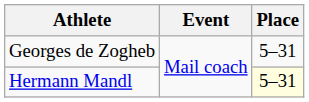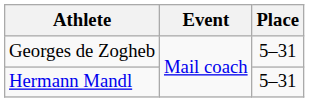 <table class="wikitable sortable" style="text-align:center; font-size:90%">
 <tr>
 <th>Athlete</th>
 <th>Event</th>
 <th>Place</th>
 </tr>
 <tr>
 <td align=left>Georges de Zogheb</td>
 <td rowspan=2 align=left><a href='#'>Mail coach</a></td>
 <td>5–31</td>
 </tr>
 <tr>
 <td align=left><a href='#'>Hermann Mandl</a></td>
-<td style="background: lightyellow;">5–31</td>
+<td>5–31</td>
 </tr>
 </table>
